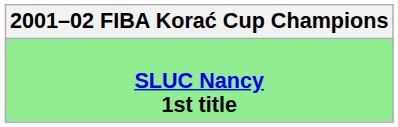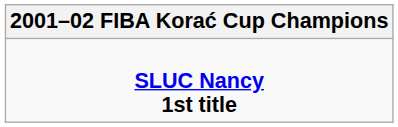 <table class=wikitable style="text-align:center; margin:auto">
 <tr>
 <th>2001–02 FIBA Korać Cup Champions</th>
 </tr>
 <tr>
-<td style="background: lightgreen;"><br> <strong><a href='#'>SLUC Nancy</a></strong> <br> <strong>1st title</strong></td>
+<td><br> <strong><a href='#'>SLUC Nancy</a></strong> <br> <strong>1st title</strong></td>
 </tr>
 </table>
